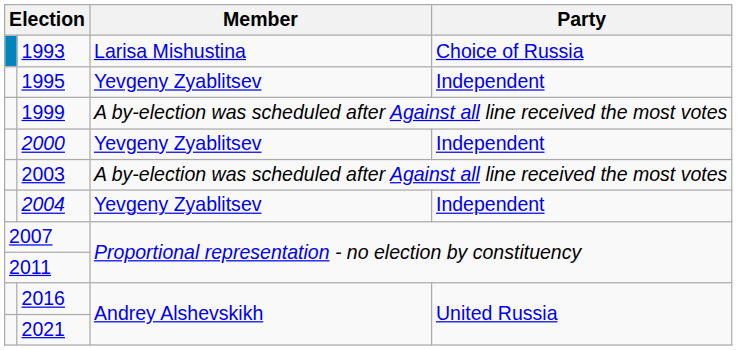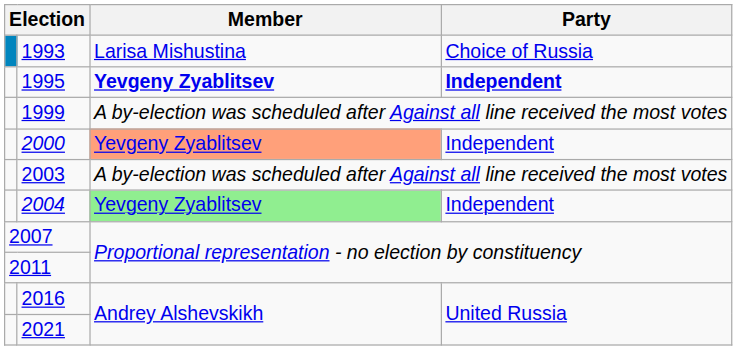 <table class="wikitable">
 <tr>
 <th colspan="2">Election</th>
 <th>Member</th>
 <th>Party</th>
 </tr>
 <tr>
 <td style="background-color:#0085BE"></td>
 <td><a href='#'>1993</a></td>
 <td><a href='#'>Larisa Mishustina</a></td>
 <td><a href='#'>Choice of Russia</a></td>
 </tr>
 <tr>
 <td style="background-color:"></td>
 <td><a href='#'>1995</a></td>
-<td><a href='#'>Yevgeny Zyablitsev</a></td>
-<td><a href='#'>Independent</a></td>
+<td><strong><a href='#'>Yevgeny Zyablitsev</a></strong></td>
+<td><strong><a href='#'>Independent</a></strong></td>
 </tr>
 <tr>
 <td style="background-color:"></td>
 <td><a href='#'>1999</a></td>
 <td colspan=2><em>A by-election was scheduled after <a href='#'>Against all</a> line received the most votes</em></td>
 </tr>
 <tr>
 <td style="background-color:"></td>
 <td><em><a href='#'>2000</a></em></td>
-<td><a href='#'>Yevgeny Zyablitsev</a></td>
+<td style="background: lightsalmon;"><a href='#'>Yevgeny Zyablitsev</a></td>
 <td><a href='#'>Independent</a></td>
 </tr>
 <tr>
 <td style="background-color:"></td>
 <td><a href='#'>2003</a></td>
 <td colspan=2><em>A by-election was scheduled after <a href='#'>Against all</a> line received the most votes</em></td>
 </tr>
 <tr>
 <td style="background-color:"></td>
 <td><em><a href='#'>2004</a></em></td>
-<td><a href='#'>Yevgeny Zyablitsev</a></td>
+<td style="background: lightgreen;"><a href='#'>Yevgeny Zyablitsev</a></td>
 <td><a href='#'>Independent</a></td>
 </tr>
 <tr>
 <td colspan=2><a href='#'>2007</a></td>
 <td colspan=2 rowspan=2><em><a href='#'>Proportional representation</a> - no election by constituency</em></td>
 </tr>
 <tr>
 <td colspan=2><a href='#'>2011</a></td>
 </tr>
 <tr>
 <td style="background-color: "></td>
 <td><a href='#'>2016</a></td>
 <td rowspan=2><a href='#'>Andrey Alshevskikh</a></td>
 <td rowspan=2><a href='#'>United Russia</a></td>
 </tr>
 <tr>
 <td style="background-color: "></td>
 <td><a href='#'>2021</a></td>
 </tr>
 </table>
